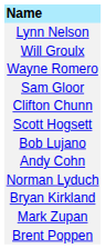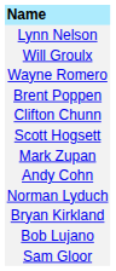 <table border=0 cellpadding=2 cellspacing=0  |- bgcolor=#F2F2F2 style="text-align:center; font-size:90%;">
 <tr bgcolor=#ADEBFD>
 <th align=left>Name</th>
 </tr>
 <tr>
 <td><a href='#'>Lynn Nelson</a></td>
 </tr>
 <tr>
 <td><a href='#'>Will Groulx</a></td>
 </tr>
 <tr>
 <td><a href='#'>Wayne Romero</a></td>
 </tr>
 <tr>
-<td><a href='#'>Sam Gloor</a></td>
+<td><a href='#'>Brent Poppen</a></td>
 </tr>
 <tr>
 <td><a href='#'>Clifton Chunn</a></td>
 </tr>
 <tr>
 <td><a href='#'>Scott Hogsett</a></td>
 </tr>
 <tr>
-<td><a href='#'>Bob Lujano</a></td>
+<td><a href='#'>Mark Zupan</a></td>
 </tr>
 <tr>
 <td><a href='#'>Andy Cohn</a></td>
 </tr>
 <tr>
 <td><a href='#'>Norman Lyduch</a></td>
 </tr>
 <tr>
 <td><a href='#'>Bryan Kirkland</a></td>
 </tr>
 <tr>
-<td><a href='#'>Mark Zupan</a></td>
+<td><a href='#'>Bob Lujano</a></td>
 </tr>
 <tr>
-<td><a href='#'>Brent Poppen</a></td>
+<td><a href='#'>Sam Gloor</a></td>
 </tr>
 </table>
